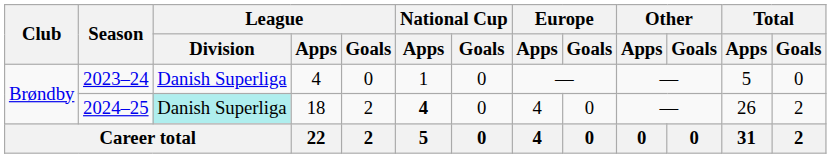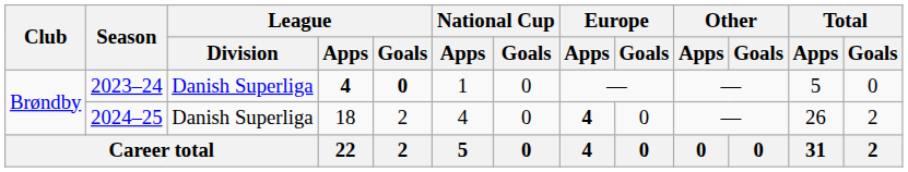 <table class="wikitable" style="text-align:center">
 <tr>
 <th rowspan="2">Club</th>
 <th rowspan="2">Season</th>
 <th colspan="3">League</th>
 <th colspan="2">National Cup</th>
 <th colspan="2">Europe</th>
 <th colspan="2">Other</th>
 <th colspan="2">Total</th>
 </tr>
 <tr>
 <th>Division</th>
 <th>Apps</th>
 <th>Goals</th>
 <th>Apps</th>
 <th>Goals</th>
 <th>Apps</th>
 <th>Goals</th>
 <th>Apps</th>
 <th>Goals</th>
 <th>Apps</th>
 <th>Goals</th>
 </tr>
 <tr>
 <td rowspan="2"><a href='#'>Brøndby</a></td>
 <td><a href='#'>2023–24</a></td>
 <td><a href='#'>Danish Superliga</a></td>
-<td>4</td>
-<td>0</td>
+<td><strong>4</strong></td>
+<td><strong>0</strong></td>
 <td>1</td>
 <td>0</td>
 <td colspan="2">—</td>
 <td colspan="2">—</td>
 <td>5</td>
 <td>0</td>
 </tr>
 <tr>
 <td><a href='#'>2024–25</a></td>
-<td style="background: paleturquoise;">Danish Superliga</td>
+<td>Danish Superliga</td>
 <td>18</td>
 <td>2</td>
+<td>4</td>
+<td>0</td>
 <td><strong>4</strong></td>
-<td>0</td>
-<td>4</td>
 <td>0</td>
 <td colspan="2">—</td>
 <td>26</td>
 <td>2</td>
 </tr>
 <tr>
 <th colspan="3">Career total</th>
 <th>22</th>
 <th>2</th>
 <th>5</th>
 <th>0</th>
 <th>4</th>
 <th>0</th>
 <th>0</th>
 <th>0</th>
 <th>31</th>
 <th>2</th>
 </tr>
 </table>
